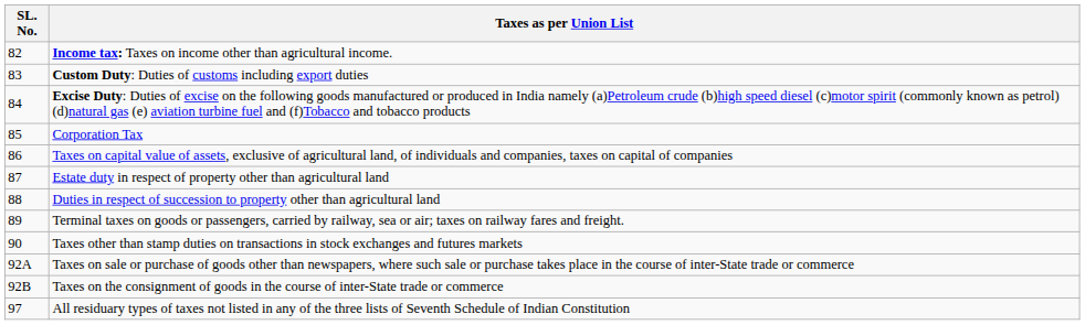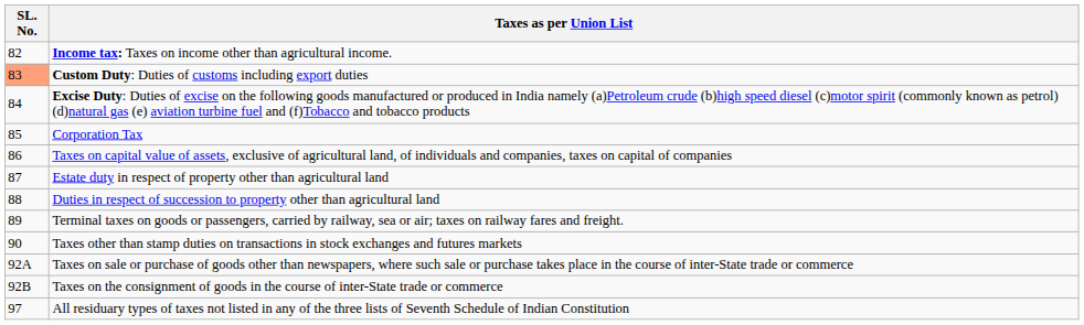 <table class="wikitable">
 <tr>
 <th>SL. No.</th>
 <th>Taxes as per <a href='#'>Union List</a></th>
 </tr>
 <tr>
 <td>82</td>
 <td><strong><a href='#'>Income tax</a>:</strong> Taxes on income other than agricultural income.</td>
 </tr>
 <tr>
-<td>83</td>
+<td style="background: lightsalmon;">83</td>
 <td><strong>Custom Duty</strong>: Duties of <a href='#'>customs</a> including <a href='#'>export</a> duties</td>
 </tr>
 <tr>
 <td>84</td>
 <td><strong>Excise Duty</strong>: Duties of <a href='#'>excise</a> on the following goods manufactured or produced in India namely (a)<a href='#'>Petroleum crude</a> (b)<a href='#'>high speed diesel</a> (c)<a href='#'>motor spirit</a> (commonly known as petrol) (d)<a href='#'>natural gas</a> (e) <a href='#'>aviation turbine fuel</a> and (f)<a href='#'>Tobacco</a> and tobacco products</td>
 </tr>
 <tr>
 <td>85</td>
 <td><a href='#'>Corporation Tax</a></td>
 </tr>
 <tr>
 <td>86</td>
 <td><a href='#'>Taxes on capital value of assets</a>, exclusive of agricultural land, of individuals and companies, taxes on capital of companies</td>
 </tr>
 <tr>
 <td>87</td>
 <td><a href='#'>Estate duty</a> in respect of property other than agricultural land</td>
 </tr>
 <tr>
 <td>88</td>
 <td><a href='#'>Duties in respect of succession to property</a> other than agricultural land</td>
 </tr>
 <tr>
 <td>89</td>
 <td>Terminal taxes on goods or passengers, carried by railway, sea or air; taxes on railway fares and freight.</td>
 </tr>
 <tr>
 <td>90</td>
 <td>Taxes other than stamp duties on transactions in stock exchanges and futures markets</td>
 </tr>
 <tr>
 <td>92A</td>
 <td>Taxes on sale or purchase of goods other than newspapers, where such sale or purchase takes place in the course of inter-State trade or commerce</td>
 </tr>
 <tr>
 <td>92B</td>
 <td>Taxes on the consignment of goods in the course of inter-State trade or commerce</td>
 </tr>
 <tr>
 <td>97</td>
 <td>All residuary types of taxes not listed in any of the three lists of Seventh Schedule of Indian Constitution</td>
 </tr>
 </table>
